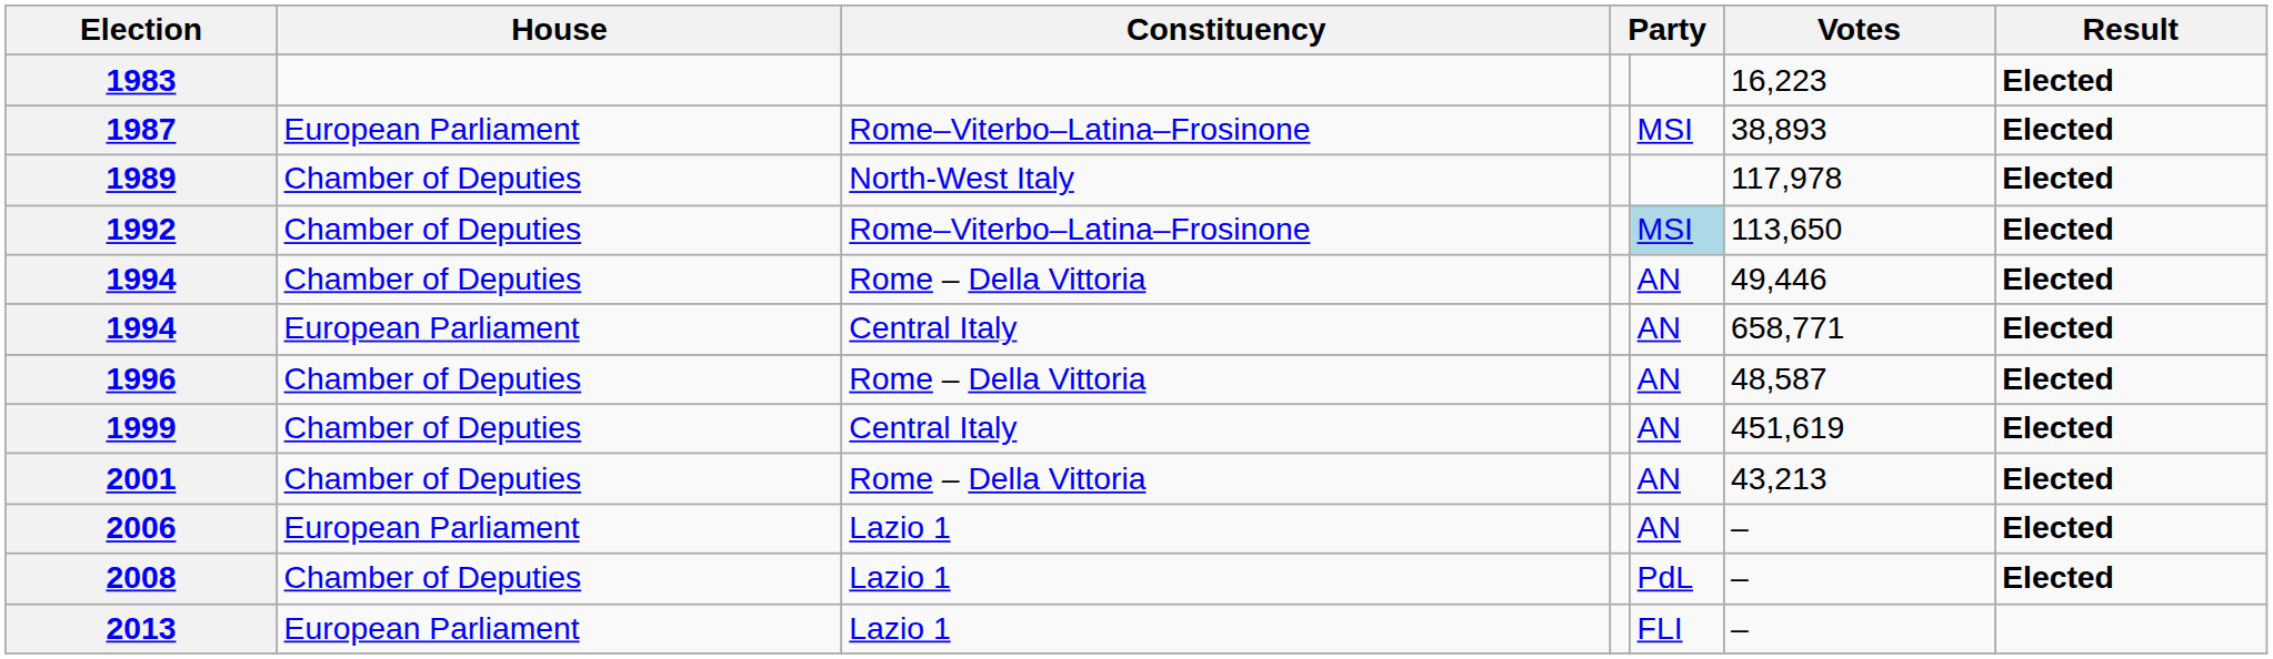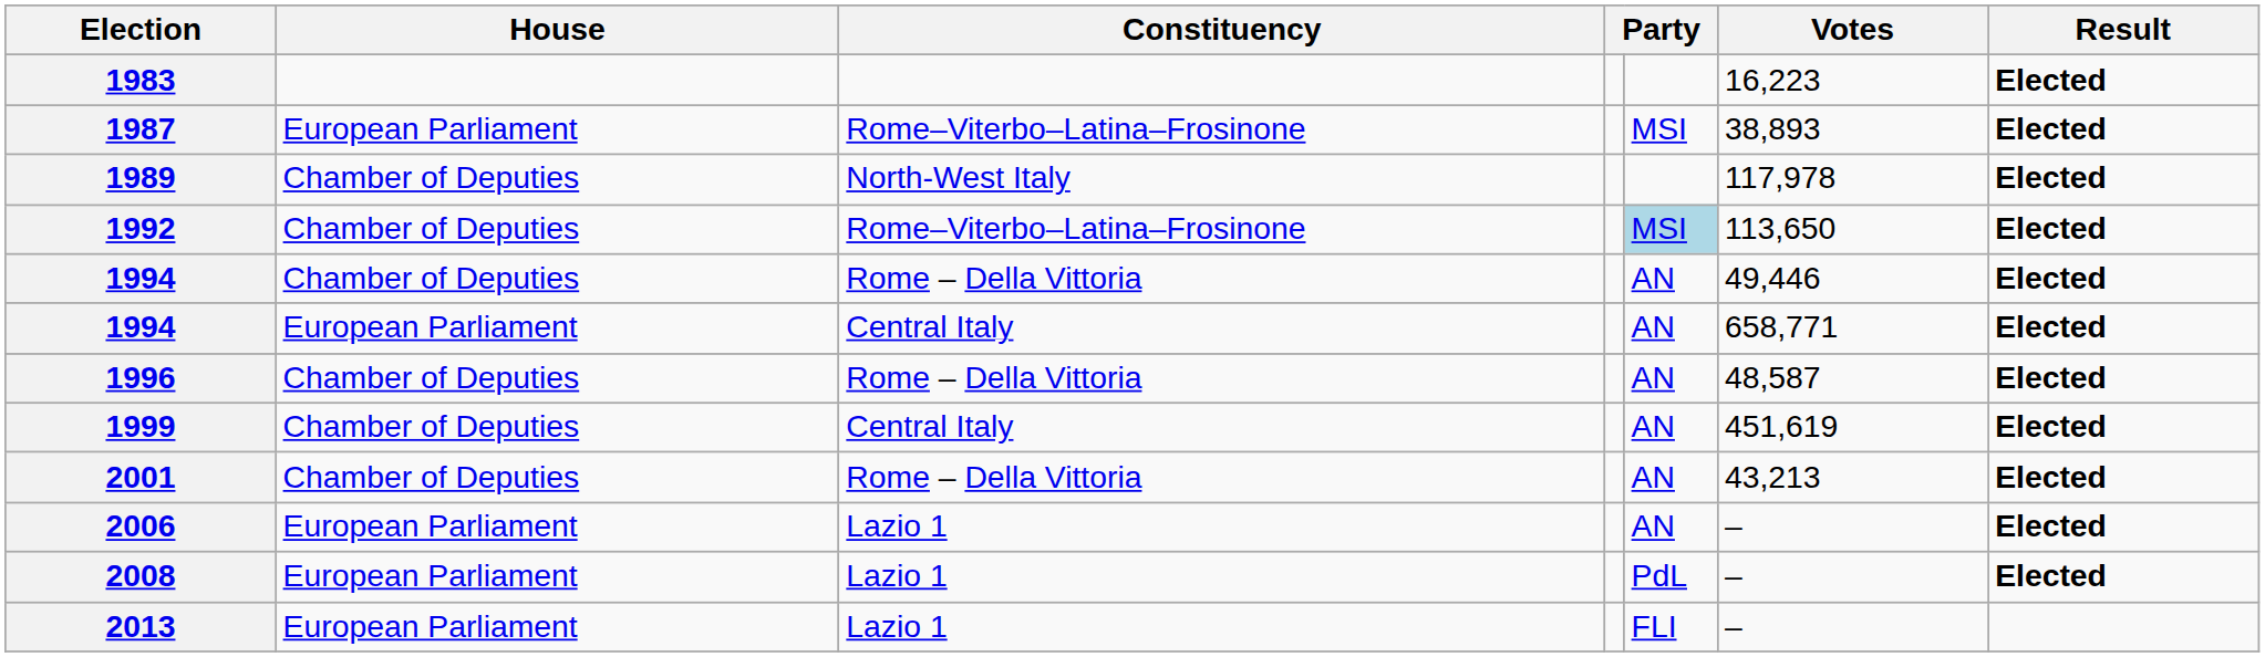 <table class=wikitable style="width:58%; border:1px #AAAAFF solid">
 <tr>
 <th width=12%>Election</th>
 <th width=25%>House</th>
 <th width=34%>Constituency</th>
 <th width=5% colspan="2">Party</th>
 <th width=12%>Votes</th>
 <th width=12%>Result</th>
 </tr>
 <tr>
 <th><a href='#'>1983</a></th>
 <td></td>
 <td></td>
 <td></td>
 <td></td>
 <td>16,223</td>
 <td> <strong>Elected</strong></td>
 </tr>
 <tr>
 <th><a href='#'>1987</a></th>
 <td><a href='#'>European Parliament</a></td>
 <td><a href='#'>Rome–Viterbo–Latina–Frosinone</a></td>
 <td></td>
 <td><a href='#'>MSI</a></td>
 <td>38,893</td>
 <td> <strong>Elected</strong></td>
 </tr>
 <tr>
 <th><a href='#'>1989</a></th>
 <td><a href='#'>Chamber of Deputies</a></td>
 <td><a href='#'>North-West Italy</a></td>
 <td></td>
 <td></td>
 <td>117,978</td>
 <td> <strong>Elected</strong></td>
 </tr>
 <tr>
 <th><a href='#'>1992</a></th>
 <td><a href='#'>Chamber of Deputies</a></td>
 <td><a href='#'>Rome–Viterbo–Latina–Frosinone</a></td>
 <td></td>
 <td style="background: lightblue;"><a href='#'>MSI</a></td>
 <td>113,650</td>
 <td> <strong>Elected</strong></td>
 </tr>
 <tr>
 <th><a href='#'>1994</a></th>
 <td><a href='#'>Chamber of Deputies</a></td>
 <td><a href='#'>Rome</a> – <a href='#'>Della Vittoria</a></td>
 <td></td>
 <td><a href='#'>AN</a></td>
 <td>49,446</td>
 <td> <strong>Elected</strong></td>
 </tr>
 <tr>
 <th><a href='#'>1994</a></th>
 <td><a href='#'>European Parliament</a></td>
 <td><a href='#'>Central Italy</a></td>
 <td></td>
 <td><a href='#'>AN</a></td>
 <td>658,771</td>
 <td> <strong>Elected</strong></td>
 </tr>
 <tr>
 <th><a href='#'>1996</a></th>
 <td><a href='#'>Chamber of Deputies</a></td>
 <td><a href='#'>Rome</a> – <a href='#'>Della Vittoria</a></td>
 <td></td>
 <td><a href='#'>AN</a></td>
 <td>48,587</td>
 <td> <strong>Elected</strong></td>
 </tr>
 <tr>
 <th><a href='#'>1999</a></th>
 <td><a href='#'>Chamber of Deputies</a></td>
 <td><a href='#'>Central Italy</a></td>
 <td></td>
 <td><a href='#'>AN</a></td>
 <td>451,619</td>
 <td> <strong>Elected</strong></td>
 </tr>
 <tr>
 <th><a href='#'>2001</a></th>
 <td><a href='#'>Chamber of Deputies</a></td>
 <td><a href='#'>Rome</a> – <a href='#'>Della Vittoria</a></td>
 <td></td>
 <td><a href='#'>AN</a></td>
 <td>43,213</td>
 <td> <strong>Elected</strong></td>
 </tr>
 <tr>
 <th><a href='#'>2006</a></th>
 <td><a href='#'>European Parliament</a></td>
 <td><a href='#'>Lazio 1</a></td>
 <td></td>
 <td><a href='#'>AN</a></td>
 <td>–</td>
 <td> <strong>Elected</strong></td>
 </tr>
 <tr>
 <th><a href='#'>2008</a></th>
-<td><a href='#'>Chamber of Deputies</a></td>
+<td><a href='#'>European Parliament</a></td>
 <td><a href='#'>Lazio 1</a></td>
 <td></td>
 <td><a href='#'>PdL</a></td>
 <td>–</td>
 <td> <strong>Elected</strong></td>
 </tr>
 <tr>
 <th><a href='#'>2013</a></th>
 <td><a href='#'>European Parliament</a></td>
 <td><a href='#'>Lazio 1</a></td>
 <td></td>
 <td><a href='#'>FLI</a></td>
 <td>–</td>
 <td></td>
 </tr>
 </table>
